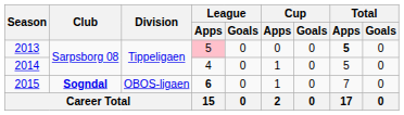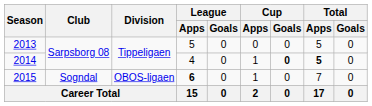 <table class="wikitable" style="text-align: center;">
 <tr>
 <th rowspan="2">Season</th>
 <th rowspan="2">Club</th>
 <th rowspan="2">Division</th>
 <th colspan="2">League</th>
 <th colspan="2">Cup</th>
 <th colspan="2">Total</th>
 </tr>
 <tr>
 <th>Apps</th>
 <th>Goals</th>
 <th>Apps</th>
 <th>Goals</th>
 <th>Apps</th>
 <th>Goals</th>
 </tr>
 <tr>
 <td><a href='#'>2013</a></td>
 <td rowspan="2" valign="center"><a href='#'>Sarpsborg 08</a></td>
 <td rowspan="2" valign="center"><a href='#'>Tippeligaen</a></td>
-<td style="background: pink;">5</td>
+<td>5</td>
 <td>0</td>
 <td>0</td>
 <td>0</td>
-<td><strong>5</strong></td>
+<td>5</td>
 <td>0</td>
 </tr>
 <tr>
 <td><a href='#'>2014</a></td>
 <td>4</td>
 <td>0</td>
 <td>1</td>
-<td>0</td>
-<td>5</td>
+<td><strong>0</strong></td>
+<td><strong>5</strong></td>
 <td>0</td>
 </tr>
 <tr>
 <td><a href='#'>2015</a></td>
-<td rowspan="1" valign="center"><strong><a href='#'>Sogndal</a></strong></td>
+<td rowspan="1" valign="center"><a href='#'>Sogndal</a></td>
 <td rowspan="1" valign="center"><a href='#'>OBOS-ligaen</a></td>
 <td><strong>6</strong></td>
 <td>0</td>
 <td>1</td>
 <td>0</td>
 <td>7</td>
 <td>0</td>
 </tr>
 <tr>
 <th colspan="3">Career Total</th>
 <th>15</th>
 <th>0</th>
 <th>2</th>
 <th>0</th>
 <th>17</th>
 <th>0</th>
 </tr>
 </table>
